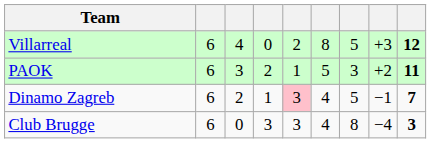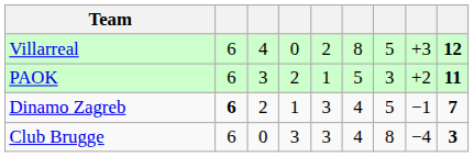 <table class="wikitable" style="text-align: center;">
 <tr>
 <th width=175>Team</th>
 <th width=20></th>
 <th width=20></th>
 <th width=20></th>
 <th width=20></th>
 <th width=20></th>
 <th width=20></th>
 <th width=20></th>
 <th width=20></th>
 </tr>
 <tr bgcolor=#ccffcc>
 <td align=left> <a href='#'>Villarreal</a></td>
 <td>6</td>
 <td>4</td>
 <td>0</td>
 <td>2</td>
 <td>8</td>
 <td>5</td>
 <td>+3</td>
 <td><strong>12</strong></td>
 </tr>
 <tr bgcolor=#ccffcc>
 <td align=left> <a href='#'>PAOK</a></td>
 <td>6</td>
 <td>3</td>
 <td>2</td>
 <td>1</td>
 <td>5</td>
 <td>3</td>
 <td>+2</td>
 <td><strong>11</strong></td>
 </tr>
 <tr>
 <td align=left> <a href='#'>Dinamo Zagreb</a></td>
-<td>6</td>
+<td><strong>6</strong></td>
 <td>2</td>
 <td>1</td>
-<td style="background: pink;">3</td>
+<td>3</td>
 <td>4</td>
 <td>5</td>
 <td>−1</td>
 <td><strong>7</strong></td>
 </tr>
 <tr>
 <td align=left> <a href='#'>Club Brugge</a></td>
 <td>6</td>
 <td>0</td>
 <td>3</td>
 <td>3</td>
 <td>4</td>
 <td>8</td>
 <td>−4</td>
 <td><strong>3</strong></td>
 </tr>
 </table>
